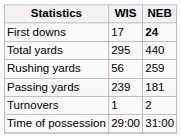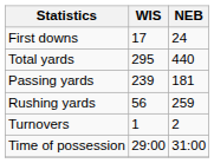 <table class="wikitable" style="float: left;">
 <tr>
 <th>Statistics</th>
 <th>WIS</th>
 <th>NEB</th>
 </tr>
 <tr>
 <td>First downs</td>
 <td>17</td>
-<td><strong>24</strong></td>
+<td>24</td>
 </tr>
 <tr>
 <td>Total yards</td>
 <td>295</td>
 <td>440</td>
 </tr>
 <tr>
+<td>Passing yards</td>
+<td>239</td>
+<td>181</td>
+</tr>
+<tr>
 <td>Rushing yards</td>
 <td>56</td>
 <td>259</td>
-</tr>
-<tr>
-<td>Passing yards</td>
-<td>239</td>
-<td>181</td>
 </tr>
 <tr>
 <td>Turnovers</td>
 <td>1</td>
 <td>2</td>
 </tr>
 <tr>
 <td>Time of possession</td>
 <td>29:00</td>
 <td>31:00</td>
 </tr>
 <tr>
 </tr>
 </table>
